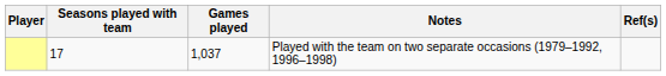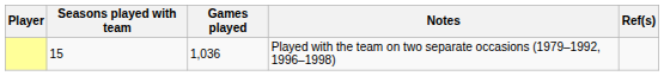 <table class="wikitable sortable plainrowheaders">
 <tr>
 <th scope="col">Player</th>
 <th scope="col">Seasons played with team</th>
 <th scope="col">Games played</th>
 <th scope="col">Notes</th>
 <th scope="col" class="unsortable">Ref(s)</th>
 </tr>
 <tr>
 <td style="background:#FFFF99"></td>
-<td>17</td>
-<td>1,037</td>
+<td>15</td>
+<td>1,036</td>
 <td>Played with the team on two separate occasions (1979–1992, 1996–1998)</td>
 <td></td>
 </tr>
 </table>
